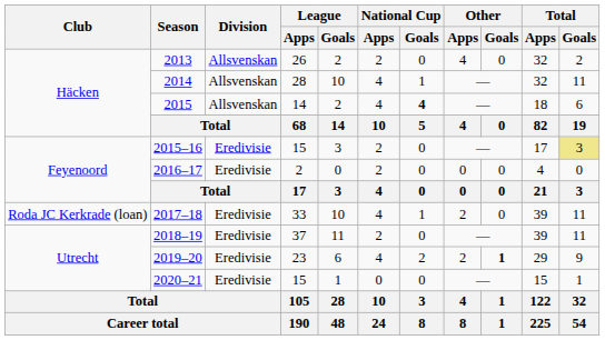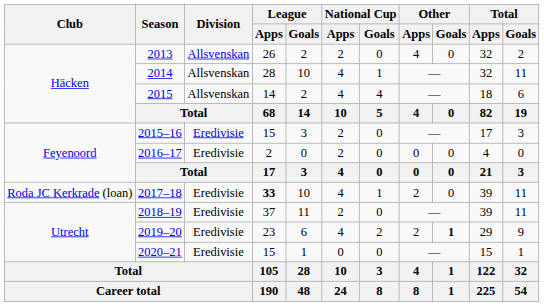 <table class="wikitable" style="text-align: center">
 <tr>
 <th rowspan="2">Club</th>
 <th rowspan="2">Season</th>
 <th rowspan="2">Division</th>
 <th colspan="2">League</th>
 <th colspan="2">National Cup</th>
 <th colspan="2">Other</th>
 <th colspan="2">Total</th>
 </tr>
 <tr>
 <th>Apps</th>
 <th>Goals</th>
 <th>Apps</th>
 <th>Goals</th>
 <th>Apps</th>
 <th>Goals</th>
 <th>Apps</th>
 <th>Goals</th>
 </tr>
 <tr>
 <td rowspan="4"><a href='#'>Häcken</a></td>
 <td><a href='#'>2013</a></td>
 <td><a href='#'>Allsvenskan</a></td>
 <td>26</td>
 <td>2</td>
 <td>2</td>
 <td>0</td>
 <td>4</td>
 <td>0</td>
 <td>32</td>
 <td>2</td>
 </tr>
 <tr>
 <td><a href='#'>2014</a></td>
 <td>Allsvenskan</td>
 <td>28</td>
 <td>10</td>
 <td>4</td>
 <td>1</td>
 <td colspan="2">—</td>
 <td>32</td>
 <td>11</td>
 </tr>
 <tr>
 <td><a href='#'>2015</a></td>
 <td>Allsvenskan</td>
 <td>14</td>
 <td>2</td>
 <td>4</td>
-<td><strong>4</strong></td>
+<td>4</td>
 <td colspan="2">—</td>
 <td>18</td>
 <td>6</td>
 </tr>
 <tr>
 <th colspan="2">Total</th>
 <th>68</th>
 <th>14</th>
 <th>10</th>
 <th>5</th>
 <th>4</th>
 <th>0</th>
 <th>82</th>
 <th>19</th>
 </tr>
 <tr>
 <td rowspan="3"><a href='#'>Feyenoord</a></td>
 <td><a href='#'>2015–16</a></td>
 <td><a href='#'>Eredivisie</a></td>
 <td>15</td>
 <td>3</td>
 <td>2</td>
 <td>0</td>
 <td colspan="2">—</td>
 <td>17</td>
-<td style="background: khaki;">3</td>
+<td>3</td>
 </tr>
 <tr>
 <td><a href='#'>2016–17</a></td>
 <td rowspan="1">Eredivisie</td>
 <td>2</td>
 <td>0</td>
 <td>2</td>
 <td>0</td>
 <td>0</td>
 <td>0</td>
 <td>4</td>
 <td>0</td>
 </tr>
 <tr>
 <th colspan="2">Total</th>
 <th>17</th>
 <th>3</th>
 <th>4</th>
 <th>0</th>
 <th>0</th>
 <th>0</th>
 <th>21</th>
 <th>3</th>
 </tr>
 <tr>
 <td><a href='#'>Roda JC Kerkrade</a> (loan)</td>
 <td><a href='#'>2017–18</a></td>
 <td>Eredivisie</td>
-<td>33</td>
+<td><strong>33</strong></td>
 <td>10</td>
 <td>4</td>
 <td>1</td>
 <td>2</td>
 <td>0</td>
 <td>39</td>
 <td>11</td>
 </tr>
 <tr>
 <td rowspan="3"><a href='#'>Utrecht</a></td>
 <td><a href='#'>2018–19</a></td>
 <td>Eredivisie</td>
 <td>37</td>
 <td>11</td>
 <td>2</td>
 <td>0</td>
 <td colspan="2">—</td>
 <td>39</td>
 <td>11</td>
 </tr>
 <tr>
 <td><a href='#'>2019–20</a></td>
 <td rowspan="1">Eredivisie</td>
 <td>23</td>
 <td>6</td>
 <td>4</td>
 <td>2</td>
 <td>2</td>
 <td><strong>1</strong></td>
 <td>29</td>
 <td>9</td>
 </tr>
 <tr>
 <td><a href='#'>2020–21</a></td>
 <td rowspan="1">Eredivisie</td>
 <td>15</td>
 <td>1</td>
 <td>0</td>
 <td>0</td>
 <td colspan="2">—</td>
 <td>15</td>
 <td>1</td>
 </tr>
 <tr>
 <th colspan="3">Total</th>
 <th>105</th>
 <th>28</th>
 <th>10</th>
 <th>3</th>
 <th>4</th>
 <th>1</th>
 <th>122</th>
 <th>32</th>
 </tr>
 <tr>
 <th colspan="3">Career total</th>
 <th>190</th>
 <th>48</th>
 <th>24</th>
 <th>8</th>
 <th>8</th>
 <th>1</th>
 <th>225</th>
 <th>54</th>
 </tr>
 </table>
